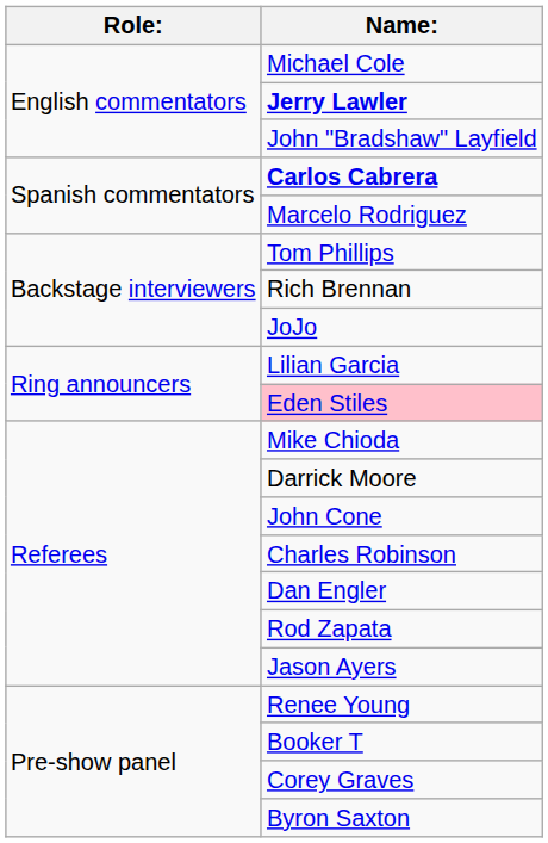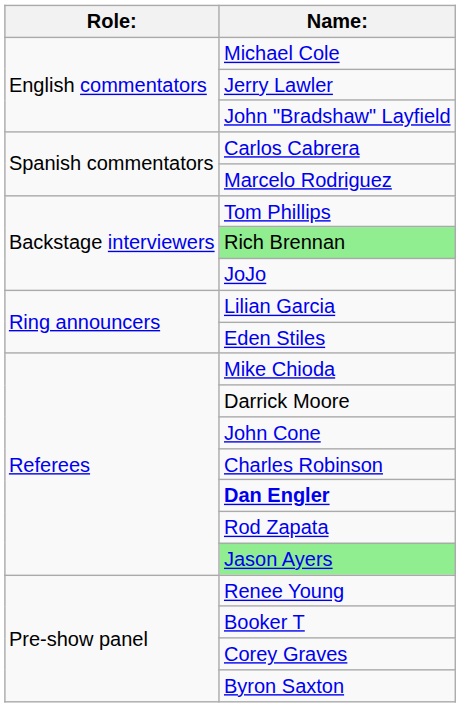 <table class=wikitable style="font-size:90%; margin: 0.5em 0 0.5em 1em; float: right; clear: right;">
 <tr>
 <th>Role:</th>
 <th>Name:</th>
 </tr>
 <tr>
 <td rowspan=3>English <a href='#'>commentators</a></td>
 <td><a href='#'>Michael Cole</a></td>
 </tr>
 <tr>
-<td><strong><a href='#'>Jerry Lawler</a></strong></td>
+<td><a href='#'>Jerry Lawler</a></td>
 </tr>
 <tr>
 <td><a href='#'>John "Bradshaw" Layfield</a></td>
 </tr>
 <tr>
 <td rowspan=2>Spanish commentators</td>
-<td><strong><a href='#'>Carlos Cabrera</a></strong></td>
+<td><a href='#'>Carlos Cabrera</a></td>
 </tr>
 <tr>
 <td><a href='#'>Marcelo Rodriguez</a></td>
 </tr>
 <tr>
 <td rowspan=3>Backstage <a href='#'>interviewers</a></td>
 <td><a href='#'>Tom Phillips</a> </td>
 </tr>
 <tr>
-<td>Rich Brennan </td>
+<td style="background: lightgreen;">Rich Brennan </td>
 </tr>
 <tr>
 <td><a href='#'>JoJo</a></td>
 </tr>
 <tr>
 <td rowspan=2><a href='#'>Ring announcers</a></td>
 <td><a href='#'>Lilian Garcia</a></td>
 </tr>
 <tr>
-<td style="background: pink;"><a href='#'>Eden Stiles</a></td>
+<td><a href='#'>Eden Stiles</a></td>
 </tr>
 <tr>
 <td rowspan=7><a href='#'>Referees</a></td>
 <td><a href='#'>Mike Chioda</a></td>
 </tr>
 <tr>
 <td>Darrick Moore</td>
 </tr>
 <tr>
 <td><a href='#'>John Cone</a></td>
 </tr>
 <tr>
 <td><a href='#'>Charles Robinson</a></td>
 </tr>
 <tr>
-<td><a href='#'>Dan Engler</a></td>
+<td><strong><a href='#'>Dan Engler</a></strong></td>
 </tr>
 <tr>
 <td><a href='#'>Rod Zapata</a></td>
 </tr>
 <tr>
-<td><a href='#'>Jason Ayers</a></td>
+<td style="background: lightgreen;"><a href='#'>Jason Ayers</a></td>
 </tr>
 <tr>
 <td rowspan=4>Pre-show panel</td>
 <td><a href='#'>Renee Young</a></td>
 </tr>
 <tr>
 <td><a href='#'>Booker T</a></td>
 </tr>
 <tr>
 <td><a href='#'>Corey Graves</a></td>
 </tr>
 <tr>
 <td><a href='#'>Byron Saxton</a></td>
 </tr>
 </table>
